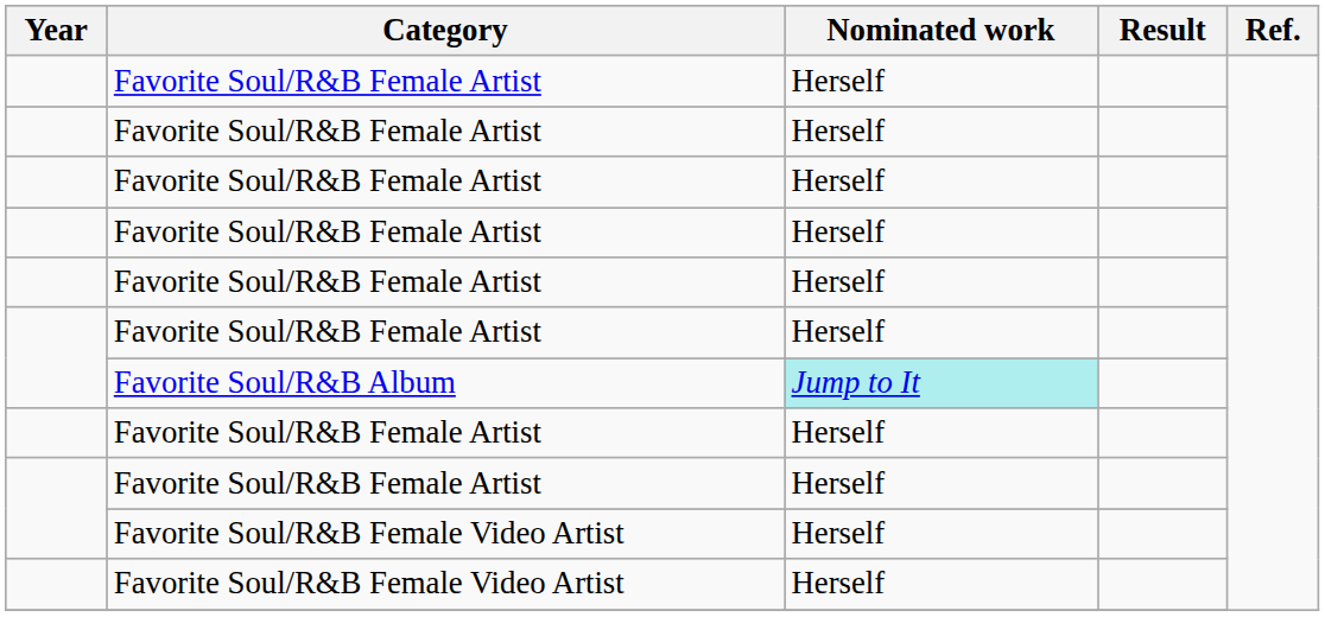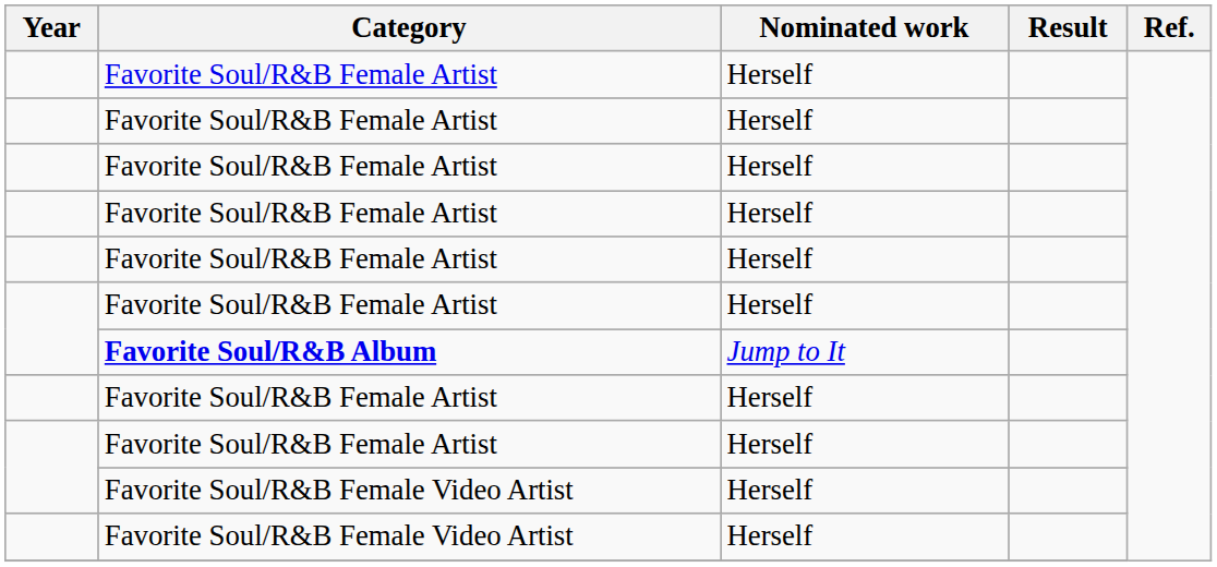 <table class="wikitable" style="width:75%;">
 <tr>
 <th>Year</th>
 <th>Category</th>
 <th>Nominated work</th>
 <th>Result</th>
 <th>Ref.</th>
 </tr>
 <tr>
 <td rowspan="1"></td>
 <td><a href='#'>Favorite Soul/R&B Female Artist</a></td>
 <td>Herself</td>
 <td></td>
 </tr>
 <tr>
 <td rowspan="1"></td>
 <td>Favorite Soul/R&B Female Artist</td>
 <td>Herself</td>
 <td></td>
 </tr>
 <tr>
 <td rowspan="1"></td>
 <td>Favorite Soul/R&B Female Artist</td>
 <td>Herself</td>
 <td></td>
 </tr>
 <tr>
 <td rowspan="1"></td>
 <td>Favorite Soul/R&B Female Artist</td>
 <td>Herself</td>
 <td></td>
 </tr>
 <tr>
 <td rowspan="1"></td>
 <td>Favorite Soul/R&B Female Artist</td>
 <td>Herself</td>
 <td></td>
 </tr>
 <tr>
 <td rowspan="2"></td>
 <td>Favorite Soul/R&B Female Artist</td>
 <td>Herself</td>
 <td></td>
 </tr>
 <tr>
-<td><a href='#'>Favorite Soul/R&B Album</a></td>
-<td style="background: paleturquoise;"><em><a href='#'>Jump to It</a></em></td>
+<td><strong><a href='#'>Favorite Soul/R&B Album</a></strong></td>
+<td><em><a href='#'>Jump to It</a></em></td>
 <td></td>
 </tr>
 <tr>
 <td rowspan="1"></td>
 <td>Favorite Soul/R&B Female Artist</td>
 <td>Herself</td>
 <td></td>
 </tr>
 <tr>
 <td rowspan="2"></td>
 <td>Favorite Soul/R&B Female Artist</td>
 <td>Herself</td>
 <td></td>
 </tr>
 <tr>
 <td>Favorite Soul/R&B Female Video Artist</td>
 <td>Herself</td>
 <td></td>
 </tr>
 <tr>
 <td rowspan="1"></td>
 <td>Favorite Soul/R&B Female Video Artist</td>
 <td>Herself</td>
 <td></td>
 </tr>
 <tr>
 </tr>
 </table>
